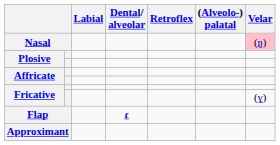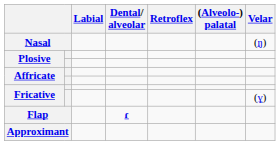 <table class="wikitable" style="text-align: center;">
 <tr>
 <th colspan="2"></th>
 <th><a href='#'>Labial</a></th>
 <th><a href='#'>Dental</a>/<br><a href='#'>alveolar</a></th>
 <th><a href='#'>Retroflex</a></th>
 <th>(<a href='#'>Alveolo-</a>)<br><a href='#'>palatal</a></th>
 <th><a href='#'>Velar</a></th>
 </tr>
 <tr>
 <th colspan="2"><a href='#'>Nasal</a></th>
 <td></td>
 <td></td>
 <td></td>
 <td></td>
-<td style="background: pink;">(<a href='#'>ŋ</a>)</td>
+<td>(<a href='#'>ŋ</a>)</td>
 </tr>
 <tr>
 <th rowspan="2"><a href='#'>Plosive</a></th>
 <th></th>
 <td></td>
 <td></td>
 <td></td>
 <td></td>
 <td></td>
 </tr>
 <tr>
 <th></th>
 <td></td>
 <td></td>
 <td></td>
 <td></td>
 <td></td>
 </tr>
 <tr>
 <th rowspan="2"><a href='#'>Affricate</a></th>
 <th></th>
 <td></td>
 <td></td>
 <td></td>
 <td></td>
 <td></td>
 </tr>
 <tr>
 <th></th>
 <td></td>
 <td></td>
 <td></td>
 <td></td>
 <td></td>
 </tr>
 <tr>
 <th rowspan="2"><a href='#'>Fricative</a></th>
 <th></th>
 <td></td>
 <td></td>
 <td></td>
 <td></td>
 <td></td>
 </tr>
 <tr>
 <th></th>
 <td></td>
 <td></td>
 <td></td>
 <td></td>
 <td>(<a href='#'>ɣ</a>)</td>
 </tr>
 <tr>
 <th colspan="2"><a href='#'>Flap</a></th>
 <td></td>
 <td><strong><a href='#'>ɾ</a></strong></td>
 <td></td>
 <td></td>
 <td></td>
 </tr>
 <tr>
 <th colspan="2"><a href='#'>Approximant</a></th>
 <td></td>
 <td></td>
 <td></td>
 <td></td>
 <td></td>
 </tr>
 </table>
